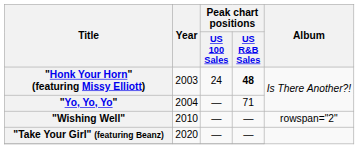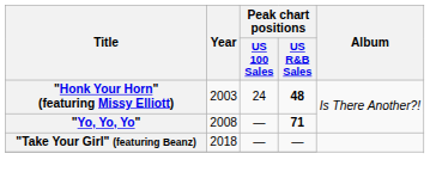 <table class="wikitable plainrowheaders" style="text-align:center;" border="1">
 <tr>
 <th scope="col" rowspan="2" style="width:16em;">Title</th>
 <th scope="col" rowspan="2">Year</th>
 <th scope="col" colspan="2">Peak chart positions</th>
 <th scope="col" rowspan="2">Album</th>
 </tr>
 <tr>
 <th scope="col" style="width:3em;font-size:90%;"><a href='#'>US 100 Sales</a></th>
 <th scope="col" style="width:3em;font-size:90%;"><a href='#'>US R&B Sales</a></th>
 </tr>
 <tr>
 <th scope="row">"<a href='#'>Honk Your Horn</a>" <br><span>(featuring <a href='#'>Missy Elliott</a>)</span></th>
 <td>2003</td>
 <td>24</td>
 <td><strong>48</strong></td>
 <td rowspan="2"><em>Is There Another?!</em></td>
 </tr>
 <tr>
 <th scope="row">"<a href='#'>Yo, Yo, Yo</a>"</th>
-<td>2004</td>
+<td>2008</td>
 <td>—</td>
-<td>71</td>
-</tr>
-<tr>
-<th scope="row">"Wishing Well"</th>
-<td>2010</td>
-<td>—</td>
-<td>—</td>
-<td>rowspan="2" </td>
+<td><strong>71</strong></td>
 </tr>
 <tr>
 <th scope="row">"Take Your Girl" <small>(featuring Beanz)</small></th>
-<td>2020</td>
+<td>2018</td>
 <td>—</td>
 <td>—</td>
 </tr>
 <tr>
 </tr>
 </table>
